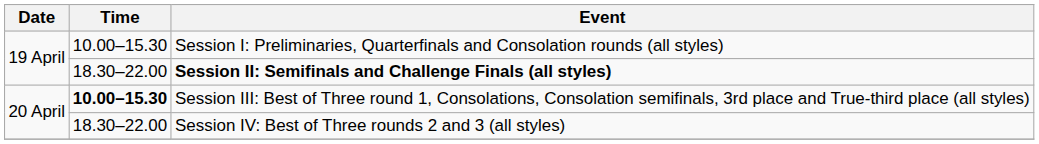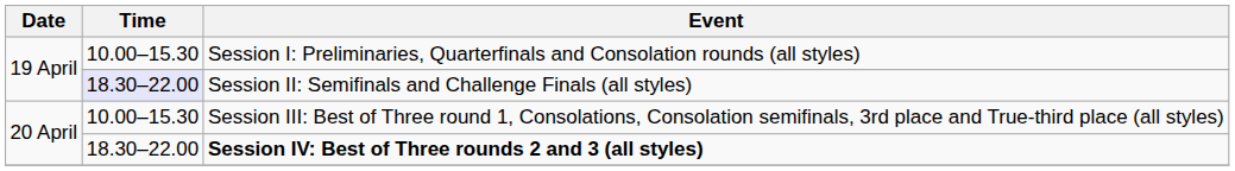 <table class=wikitable>
 <tr>
 <th>Date</th>
 <th>Time</th>
 <th>Event</th>
 </tr>
 <tr>
 <td rowspan="2">19 April</td>
 <td>10.00–15.30</td>
 <td>Session I: Preliminaries, Quarterfinals and Consolation rounds (all styles)</td>
 </tr>
 <tr>
-<td>18.30–22.00</td>
-<td><strong>Session II: Semifinals and Challenge Finals (all styles)</strong></td>
+<td style="background: lavender;">18.30–22.00</td>
+<td>Session II: Semifinals and Challenge Finals (all styles)</td>
 </tr>
 <tr>
 <td rowspan="2">20 April</td>
-<td><strong>10.00–15.30</strong></td>
+<td>10.00–15.30</td>
 <td>Session III: Best of Three round 1, Consolations, Consolation semifinals, 3rd place and True-third place (all styles)</td>
 </tr>
 <tr>
 <td>18.30–22.00</td>
-<td>Session IV: Best of Three rounds 2 and 3 (all styles)</td>
+<td><strong>Session IV: Best of Three rounds 2 and 3 (all styles)</strong></td>
 </tr>
 <tr>
 </tr>
 </table>
